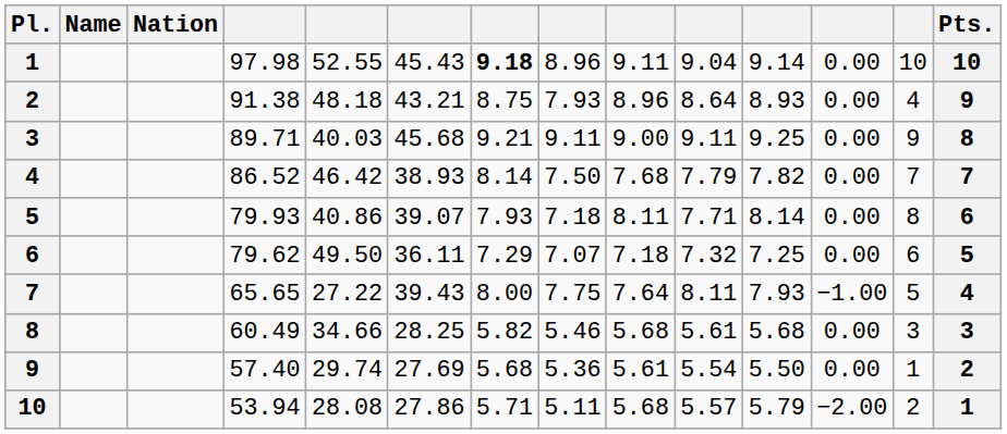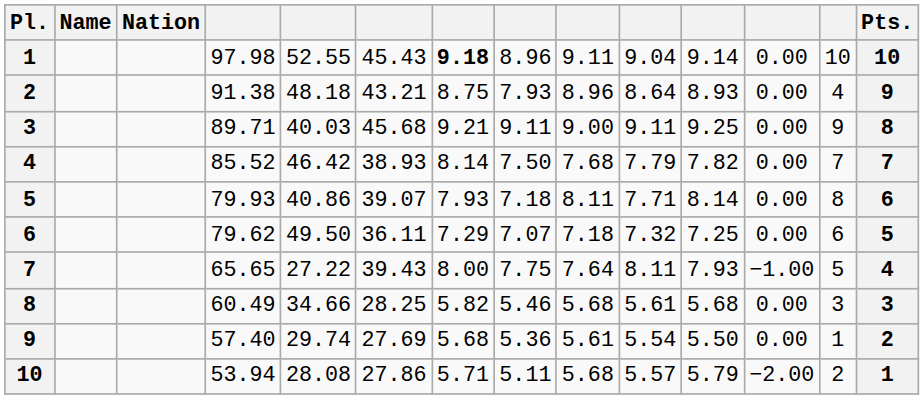 <table class="wikitable sortable" style="text-align:center">
 <tr>
 <th>Pl.</th>
 <th>Name</th>
 <th>Nation</th>
 <th></th>
 <th></th>
 <th></th>
 <th></th>
 <th></th>
 <th></th>
 <th></th>
 <th></th>
 <th></th>
 <th></th>
 <th>Pts.</th>
 </tr>
 <tr>
 <th>1</th>
 <td align=left></td>
 <td align=left></td>
 <td>97.98</td>
 <td>52.55</td>
 <td>45.43</td>
 <td><strong>9.18</strong></td>
 <td>8.96</td>
 <td>9.11</td>
 <td>9.04</td>
 <td>9.14</td>
 <td>0.00</td>
 <td>10</td>
 <th>10</th>
 </tr>
 <tr>
 <th>2</th>
 <td align=left></td>
 <td align=left></td>
 <td>91.38</td>
 <td>48.18</td>
 <td>43.21</td>
 <td>8.75</td>
 <td>7.93</td>
 <td>8.96</td>
 <td>8.64</td>
 <td>8.93</td>
 <td>0.00</td>
 <td>4</td>
 <th>9</th>
 </tr>
 <tr>
 <th>3</th>
 <td align=left></td>
 <td align=left></td>
 <td>89.71</td>
 <td>40.03</td>
 <td>45.68</td>
 <td>9.21</td>
 <td>9.11</td>
 <td>9.00</td>
 <td>9.11</td>
 <td>9.25</td>
 <td>0.00</td>
 <td>9</td>
 <th>8</th>
 </tr>
 <tr>
 <th>4</th>
 <td align=left></td>
 <td align=left></td>
-<td>86.52</td>
+<td>85.52</td>
 <td>46.42</td>
 <td>38.93</td>
 <td>8.14</td>
 <td>7.50</td>
 <td>7.68</td>
 <td>7.79</td>
 <td>7.82</td>
 <td>0.00</td>
 <td>7</td>
 <th>7</th>
 </tr>
 <tr>
 <th>5</th>
 <td align=left></td>
 <td align=left></td>
 <td>79.93</td>
 <td>40.86</td>
 <td>39.07</td>
 <td>7.93</td>
 <td>7.18</td>
 <td>8.11</td>
 <td>7.71</td>
 <td>8.14</td>
 <td>0.00</td>
 <td>8</td>
 <th>6</th>
 </tr>
 <tr>
 <th>6</th>
 <td align=left></td>
 <td align=left></td>
 <td>79.62</td>
 <td>49.50</td>
 <td>36.11</td>
 <td>7.29</td>
 <td>7.07</td>
 <td>7.18</td>
 <td>7.32</td>
 <td>7.25</td>
 <td>0.00</td>
 <td>6</td>
 <th>5</th>
 </tr>
 <tr>
 <th>7</th>
 <td align=left></td>
 <td align=left></td>
 <td>65.65</td>
 <td>27.22</td>
 <td>39.43</td>
 <td>8.00</td>
 <td>7.75</td>
 <td>7.64</td>
 <td>8.11</td>
 <td>7.93</td>
 <td>−1.00</td>
 <td>5</td>
 <th>4</th>
 </tr>
 <tr>
 <th>8</th>
 <td align=left></td>
 <td align=left></td>
 <td>60.49</td>
 <td>34.66</td>
 <td>28.25</td>
 <td>5.82</td>
 <td>5.46</td>
 <td>5.68</td>
 <td>5.61</td>
 <td>5.68</td>
 <td>0.00</td>
 <td>3</td>
 <th>3</th>
 </tr>
 <tr>
 <th>9</th>
 <td align=left></td>
 <td align=left></td>
 <td>57.40</td>
 <td>29.74</td>
 <td>27.69</td>
 <td>5.68</td>
 <td>5.36</td>
 <td>5.61</td>
 <td>5.54</td>
 <td>5.50</td>
 <td>0.00</td>
 <td>1</td>
 <th>2</th>
 </tr>
 <tr>
 <th>10</th>
 <td align=left></td>
 <td align=left></td>
 <td>53.94</td>
 <td>28.08</td>
 <td>27.86</td>
 <td>5.71</td>
 <td>5.11</td>
 <td>5.68</td>
 <td>5.57</td>
 <td>5.79</td>
 <td>−2.00</td>
 <td>2</td>
 <th>1</th>
 </tr>
 </table>
